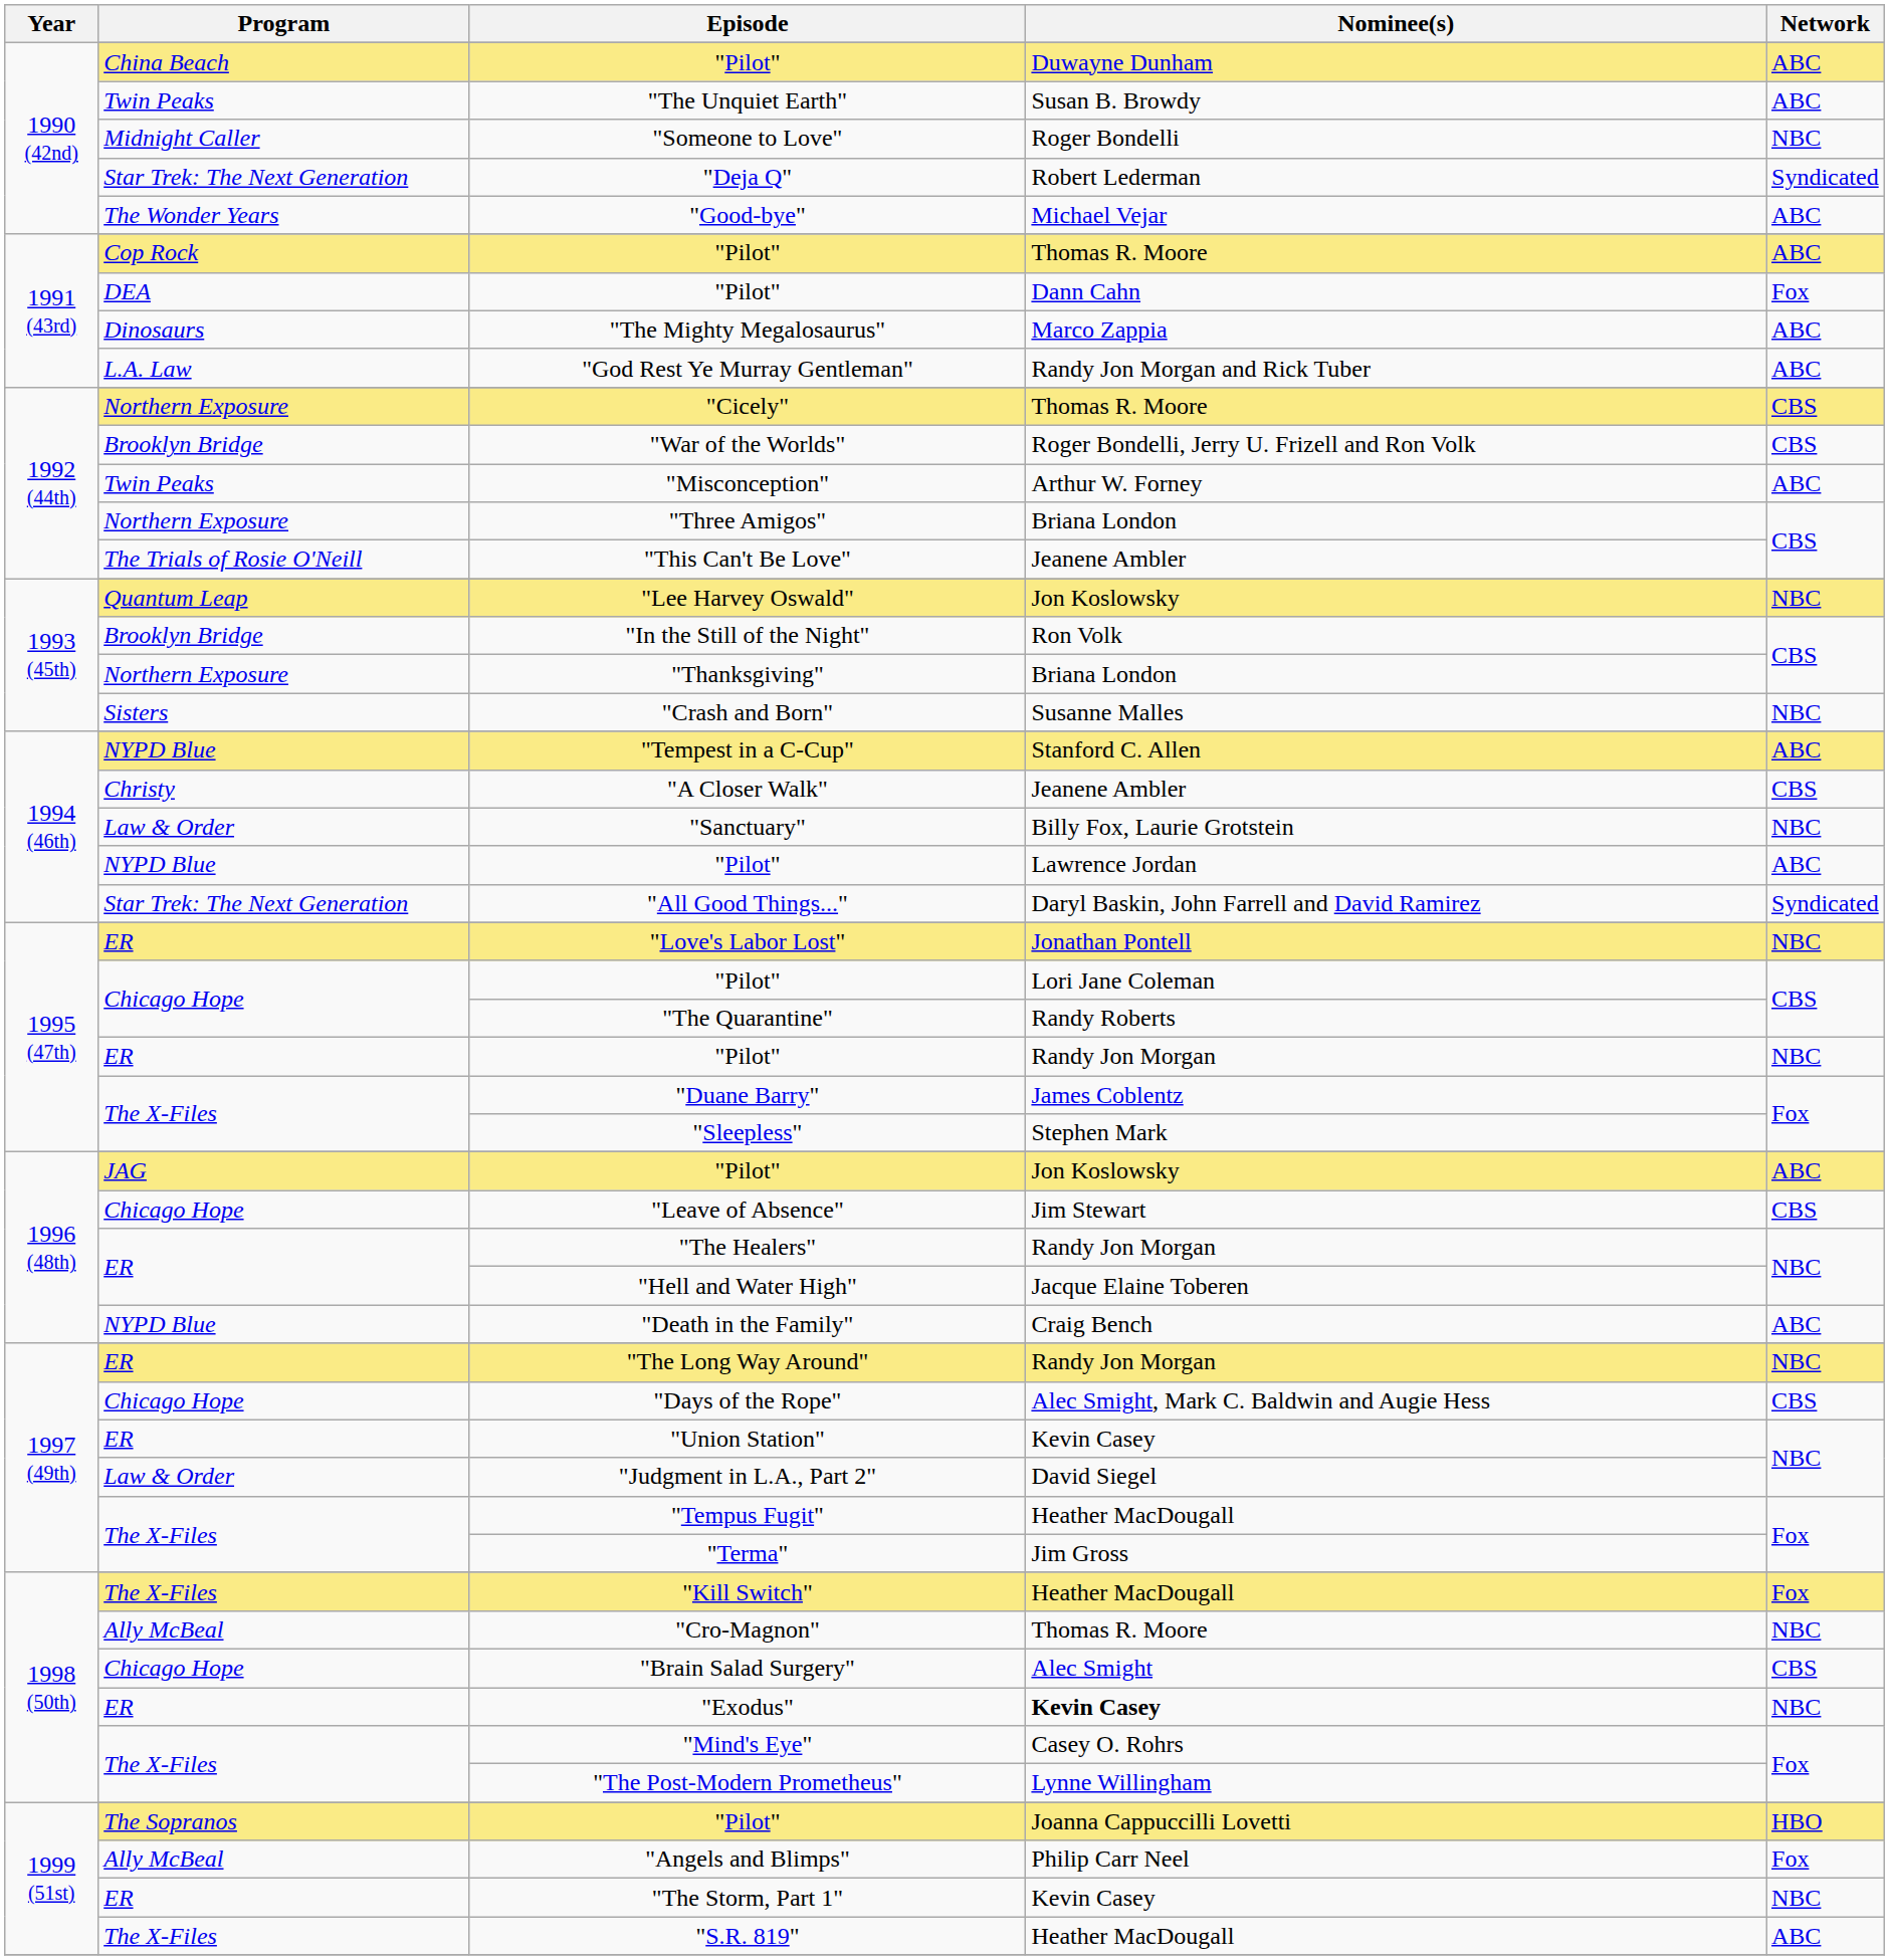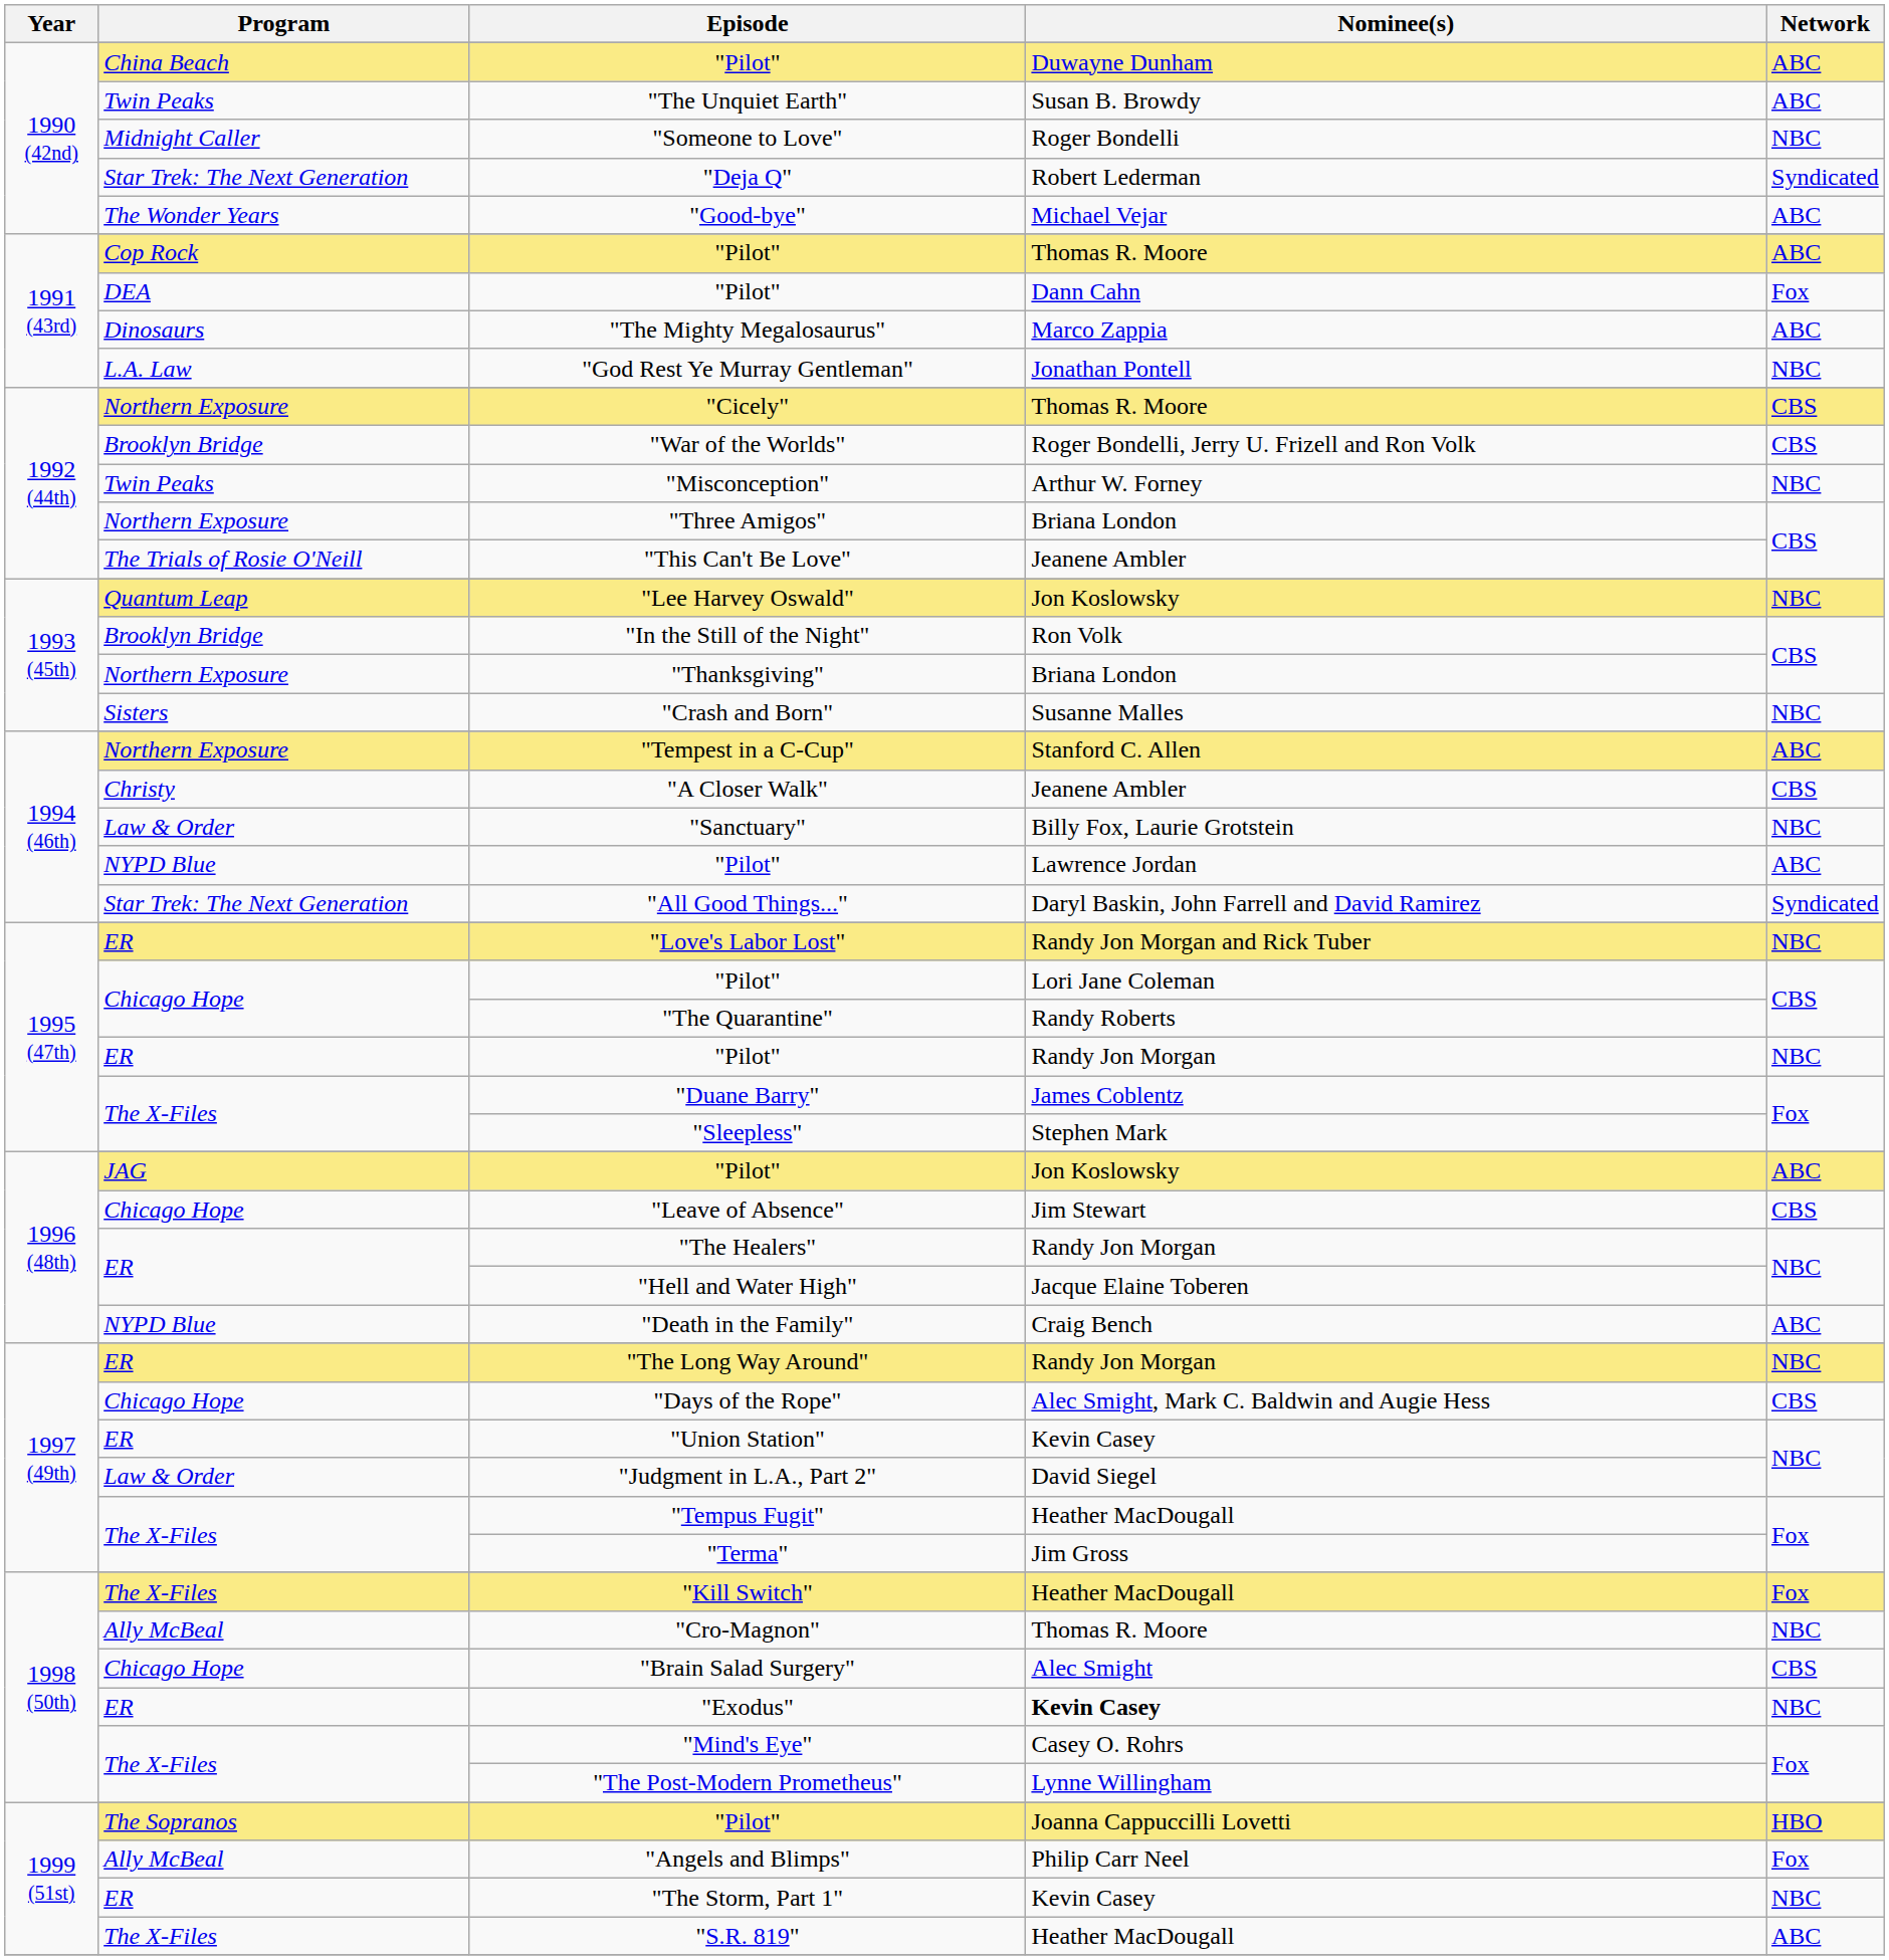 <table class="wikitable">
 <tr>
 <th width="5%">Year</th>
 <th width="20%">Program</th>
 <th width="30%">Episode</th>
 <th width="40%">Nominee(s)</th>
 <th width="5%">Network</th>
 </tr>
 <tr>
 <td rowspan=6 style="text-align:center;"><a href='#'>1990</a><br><small><a href='#'>(42nd)</a></small><br></td>
 </tr>
 <tr style="background:#FAEB86;">
 <td><em><a href='#'>China Beach</a></em></td>
 <td align=center>"<a href='#'>Pilot</a>"</td>
 <td><a href='#'>Duwayne Dunham</a></td>
 <td><a href='#'>ABC</a></td>
 </tr>
 <tr>
 <td><em><a href='#'>Twin Peaks</a></em></td>
 <td align=center>"The Unquiet Earth"</td>
 <td>Susan B. Browdy</td>
 <td><a href='#'>ABC</a></td>
 </tr>
 <tr>
 <td><em><a href='#'>Midnight Caller</a></em></td>
 <td align=center>"Someone to Love"</td>
 <td>Roger Bondelli</td>
 <td><a href='#'>NBC</a></td>
 </tr>
 <tr>
 <td><em><a href='#'>Star Trek: The Next Generation</a></em></td>
 <td align=center>"<a href='#'>Deja Q</a>"</td>
 <td>Robert Lederman</td>
 <td><a href='#'>Syndicated</a></td>
 </tr>
 <tr>
 <td><em><a href='#'>The Wonder Years</a></em></td>
 <td align=center>"<a href='#'>Good-bye</a>"</td>
 <td><a href='#'>Michael Vejar</a></td>
 <td><a href='#'>ABC</a></td>
 </tr>
 <tr>
 <td rowspan=5 style="text-align:center;"><a href='#'>1991</a><br><small><a href='#'>(43rd)</a></small><br></td>
 </tr>
 <tr style="background:#FAEB86;">
 <td><em><a href='#'>Cop Rock</a></em></td>
 <td align=center>"Pilot"</td>
 <td>Thomas R. Moore</td>
 <td><a href='#'>ABC</a></td>
 </tr>
 <tr>
 <td><em><a href='#'>DEA</a></em></td>
 <td align=center>"Pilot"</td>
 <td><a href='#'>Dann Cahn</a></td>
 <td><a href='#'>Fox</a></td>
 </tr>
 <tr>
 <td><em><a href='#'>Dinosaurs</a></em></td>
 <td align=center>"The Mighty Megalosaurus"</td>
 <td><a href='#'>Marco Zappia</a></td>
 <td><a href='#'>ABC</a></td>
 </tr>
 <tr>
 <td><em><a href='#'>L.A. Law</a></em></td>
 <td align=center>"God Rest Ye Murray Gentleman"</td>
-<td>Randy Jon Morgan and Rick Tuber</td>
-<td><a href='#'>ABC</a></td>
+<td><a href='#'>Jonathan Pontell</a></td>
+<td><a href='#'>NBC</a></td>
 </tr>
 <tr>
 <td rowspan=6 style="text-align:center;"><a href='#'>1992</a><br><small><a href='#'>(44th)</a></small><br></td>
 </tr>
 <tr style="background:#FAEB86;">
 <td><em><a href='#'>Northern Exposure</a></em></td>
 <td align=center>"Cicely"</td>
 <td>Thomas R. Moore</td>
 <td><a href='#'>CBS</a></td>
 </tr>
 <tr>
 <td><em><a href='#'>Brooklyn Bridge</a></em></td>
 <td align=center>"War of the Worlds"</td>
 <td>Roger Bondelli, Jerry U. Frizell and Ron Volk</td>
 <td><a href='#'>CBS</a></td>
 </tr>
 <tr>
 <td><em><a href='#'>Twin Peaks</a></em></td>
 <td align=center>"Misconception"</td>
 <td>Arthur W. Forney</td>
-<td><a href='#'>ABC</a></td>
+<td><a href='#'>NBC</a></td>
 </tr>
 <tr>
 <td><em><a href='#'>Northern Exposure</a></em></td>
 <td align=center>"Three Amigos"</td>
 <td>Briana London</td>
 <td rowspan=2><a href='#'>CBS</a></td>
 </tr>
 <tr>
 <td><em><a href='#'>The Trials of Rosie O'Neill</a></em></td>
 <td align=center>"This Can't Be Love"</td>
 <td>Jeanene Ambler</td>
 </tr>
 <tr>
 <td rowspan=5 style="text-align:center;"><a href='#'>1993</a><br><small><a href='#'>(45th)</a></small><br></td>
 </tr>
 <tr style="background:#FAEB86;">
 <td><em><a href='#'>Quantum Leap</a></em></td>
 <td align=center>"Lee Harvey Oswald"</td>
 <td>Jon Koslowsky</td>
 <td><a href='#'>NBC</a></td>
 </tr>
 <tr>
 <td><em><a href='#'>Brooklyn Bridge</a></em></td>
 <td align=center>"In the Still of the Night"</td>
 <td>Ron Volk</td>
 <td rowspan=2><a href='#'>CBS</a></td>
 </tr>
 <tr>
 <td><em><a href='#'>Northern Exposure</a></em></td>
 <td align=center>"Thanksgiving"</td>
 <td>Briana London</td>
 </tr>
 <tr>
 <td><em><a href='#'>Sisters</a></em></td>
 <td align=center>"Crash and Born"</td>
 <td>Susanne Malles</td>
 <td><a href='#'>NBC</a></td>
 </tr>
 <tr>
 <td rowspan=6 style="text-align:center;"><a href='#'>1994</a><br><small><a href='#'>(46th)</a></small><br></td>
 </tr>
 <tr style="background:#FAEB86;">
-<td><em><a href='#'>NYPD Blue</a></em></td>
+<td><em><a href='#'>Northern Exposure</a></em></td>
 <td align=center>"Tempest in a C-Cup"</td>
 <td>Stanford C. Allen</td>
 <td><a href='#'>ABC</a></td>
 </tr>
 <tr>
 <td><em><a href='#'>Christy</a></em></td>
 <td align=center>"A Closer Walk"</td>
 <td>Jeanene Ambler</td>
 <td><a href='#'>CBS</a></td>
 </tr>
 <tr>
 <td><em><a href='#'>Law & Order</a></em></td>
 <td align=center>"Sanctuary"</td>
 <td>Billy Fox, Laurie Grotstein</td>
 <td><a href='#'>NBC</a></td>
 </tr>
 <tr>
 <td><em><a href='#'>NYPD Blue</a></em></td>
 <td align=center>"<a href='#'>Pilot</a>"</td>
 <td>Lawrence Jordan</td>
 <td><a href='#'>ABC</a></td>
 </tr>
 <tr>
 <td><em><a href='#'>Star Trek: The Next Generation</a></em></td>
 <td align=center>"<a href='#'>All Good Things...</a>"</td>
 <td>Daryl Baskin, John Farrell and <a href='#'>David Ramirez</a></td>
 <td><a href='#'>Syndicated</a></td>
 </tr>
 <tr>
 <td rowspan=7 style="text-align:center;"><a href='#'>1995</a><br><small><a href='#'>(47th)</a></small><br></td>
 </tr>
 <tr style="background:#FAEB86;">
 <td><em><a href='#'>ER</a></em></td>
 <td align=center>"<a href='#'>Love's Labor Lost</a>"</td>
-<td><a href='#'>Jonathan Pontell</a></td>
+<td>Randy Jon Morgan and Rick Tuber</td>
 <td><a href='#'>NBC</a></td>
 </tr>
 <tr>
 <td rowspan=2><em><a href='#'>Chicago Hope</a></em></td>
 <td align=center>"Pilot"</td>
 <td>Lori Jane Coleman</td>
 <td rowspan=2><a href='#'>CBS</a></td>
 </tr>
 <tr>
 <td align=center>"The Quarantine"</td>
 <td>Randy Roberts</td>
 </tr>
 <tr>
 <td><em><a href='#'>ER</a></em></td>
 <td align=center>"Pilot"</td>
 <td>Randy Jon Morgan</td>
 <td><a href='#'>NBC</a></td>
 </tr>
 <tr>
 <td rowspan=2><em><a href='#'>The X-Files</a></em></td>
 <td align=center>"<a href='#'>Duane Barry</a>"</td>
 <td><a href='#'>James Coblentz</a></td>
 <td rowspan=2><a href='#'>Fox</a></td>
 </tr>
 <tr>
 <td align=center>"<a href='#'>Sleepless</a>"</td>
 <td>Stephen Mark</td>
 </tr>
 <tr>
 <td rowspan=6 style="text-align:center;"><a href='#'>1996</a><br><small><a href='#'>(48th)</a></small><br></td>
 </tr>
 <tr style="background:#FAEB86;">
 <td><em><a href='#'>JAG</a></em></td>
 <td align=center>"Pilot"</td>
 <td>Jon Koslowsky</td>
 <td><a href='#'>ABC</a></td>
 </tr>
 <tr>
 <td><em><a href='#'>Chicago Hope</a></em></td>
 <td align=center>"Leave of Absence"</td>
 <td>Jim Stewart</td>
 <td><a href='#'>CBS</a></td>
 </tr>
 <tr>
 <td rowspan=2><em><a href='#'>ER</a></em></td>
 <td align=center>"The Healers"</td>
 <td>Randy Jon Morgan</td>
 <td rowspan=2><a href='#'>NBC</a></td>
 </tr>
 <tr>
 <td align=center>"Hell and Water High"</td>
 <td>Jacque Elaine Toberen</td>
 </tr>
 <tr>
 <td><em><a href='#'>NYPD Blue</a></em></td>
 <td align=center>"Death in the Family"</td>
 <td>Craig Bench</td>
 <td><a href='#'>ABC</a></td>
 </tr>
 <tr>
 <td rowspan=7 style="text-align:center;"><a href='#'>1997</a><br><small><a href='#'>(49th)</a></small><br></td>
 </tr>
 <tr style="background:#FAEB86;">
 <td><em><a href='#'>ER</a></em></td>
 <td align=center>"The Long Way Around"</td>
 <td>Randy Jon Morgan</td>
 <td><a href='#'>NBC</a></td>
 </tr>
 <tr>
 <td><em><a href='#'>Chicago Hope</a></em></td>
 <td align=center>"Days of the Rope"</td>
 <td><a href='#'>Alec Smight</a>, Mark C. Baldwin and Augie Hess</td>
 <td><a href='#'>CBS</a></td>
 </tr>
 <tr>
 <td><em><a href='#'>ER</a></em></td>
 <td align=center>"Union Station"</td>
 <td>Kevin Casey</td>
 <td rowspan=2><a href='#'>NBC</a></td>
 </tr>
 <tr>
 <td><em><a href='#'>Law & Order</a></em></td>
 <td align=center>"Judgment in L.A., Part 2"</td>
 <td>David Siegel</td>
 </tr>
 <tr>
 <td rowspan=2><em><a href='#'>The X-Files</a></em></td>
 <td align=center>"<a href='#'>Tempus Fugit</a>"</td>
 <td>Heather MacDougall</td>
 <td rowspan=2><a href='#'>Fox</a></td>
 </tr>
 <tr>
 <td align=center>"<a href='#'>Terma</a>"</td>
 <td>Jim Gross</td>
 </tr>
 <tr>
 <td rowspan=7 style="text-align:center;"><a href='#'>1998</a><br><small><a href='#'>(50th)</a></small><br></td>
 </tr>
 <tr style="background:#FAEB86;">
 <td><em><a href='#'>The X-Files</a></em></td>
 <td align=center>"<a href='#'>Kill Switch</a>"</td>
 <td>Heather MacDougall</td>
 <td><a href='#'>Fox</a></td>
 </tr>
 <tr>
 <td><em><a href='#'>Ally McBeal</a></em></td>
 <td align=center>"Cro-Magnon"</td>
 <td>Thomas R. Moore</td>
 <td><a href='#'>NBC</a></td>
 </tr>
 <tr>
 <td><em><a href='#'>Chicago Hope</a></em></td>
 <td align=center>"Brain Salad Surgery"</td>
 <td><a href='#'>Alec Smight</a></td>
 <td><a href='#'>CBS</a></td>
 </tr>
 <tr>
 <td><em><a href='#'>ER</a></em></td>
 <td align=center>"Exodus"</td>
 <td><strong>Kevin Casey</strong></td>
 <td><a href='#'>NBC</a></td>
 </tr>
 <tr>
 <td rowspan=2><em><a href='#'>The X-Files</a></em></td>
 <td align=center>"<a href='#'>Mind's Eye</a>"</td>
 <td>Casey O. Rohrs</td>
 <td rowspan=2><a href='#'>Fox</a></td>
 </tr>
 <tr>
 <td align=center>"<a href='#'>The Post-Modern Prometheus</a>"</td>
 <td><a href='#'>Lynne Willingham</a></td>
 </tr>
 <tr>
 <td rowspan=5 style="text-align:center;"><a href='#'>1999</a><br><small><a href='#'>(51st)</a></small><br></td>
 </tr>
 <tr style="background:#FAEB86;">
 <td><em><a href='#'>The Sopranos</a></em></td>
 <td align=center>"<a href='#'>Pilot</a>"</td>
 <td>Joanna Cappuccilli Lovetti</td>
 <td><a href='#'>HBO</a></td>
 </tr>
 <tr>
 <td><em><a href='#'>Ally McBeal</a></em></td>
 <td align=center>"Angels and Blimps"</td>
 <td>Philip Carr Neel</td>
 <td><a href='#'>Fox</a></td>
 </tr>
 <tr>
 <td><em><a href='#'>ER</a></em></td>
 <td align=center>"The Storm, Part 1"</td>
 <td>Kevin Casey</td>
 <td><a href='#'>NBC</a></td>
 </tr>
 <tr>
 <td><em><a href='#'>The X-Files</a></em></td>
 <td align=center>"<a href='#'>S.R. 819</a>"</td>
 <td>Heather MacDougall</td>
 <td><a href='#'>ABC</a></td>
 </tr>
 <tr>
 </tr>
 </table>
